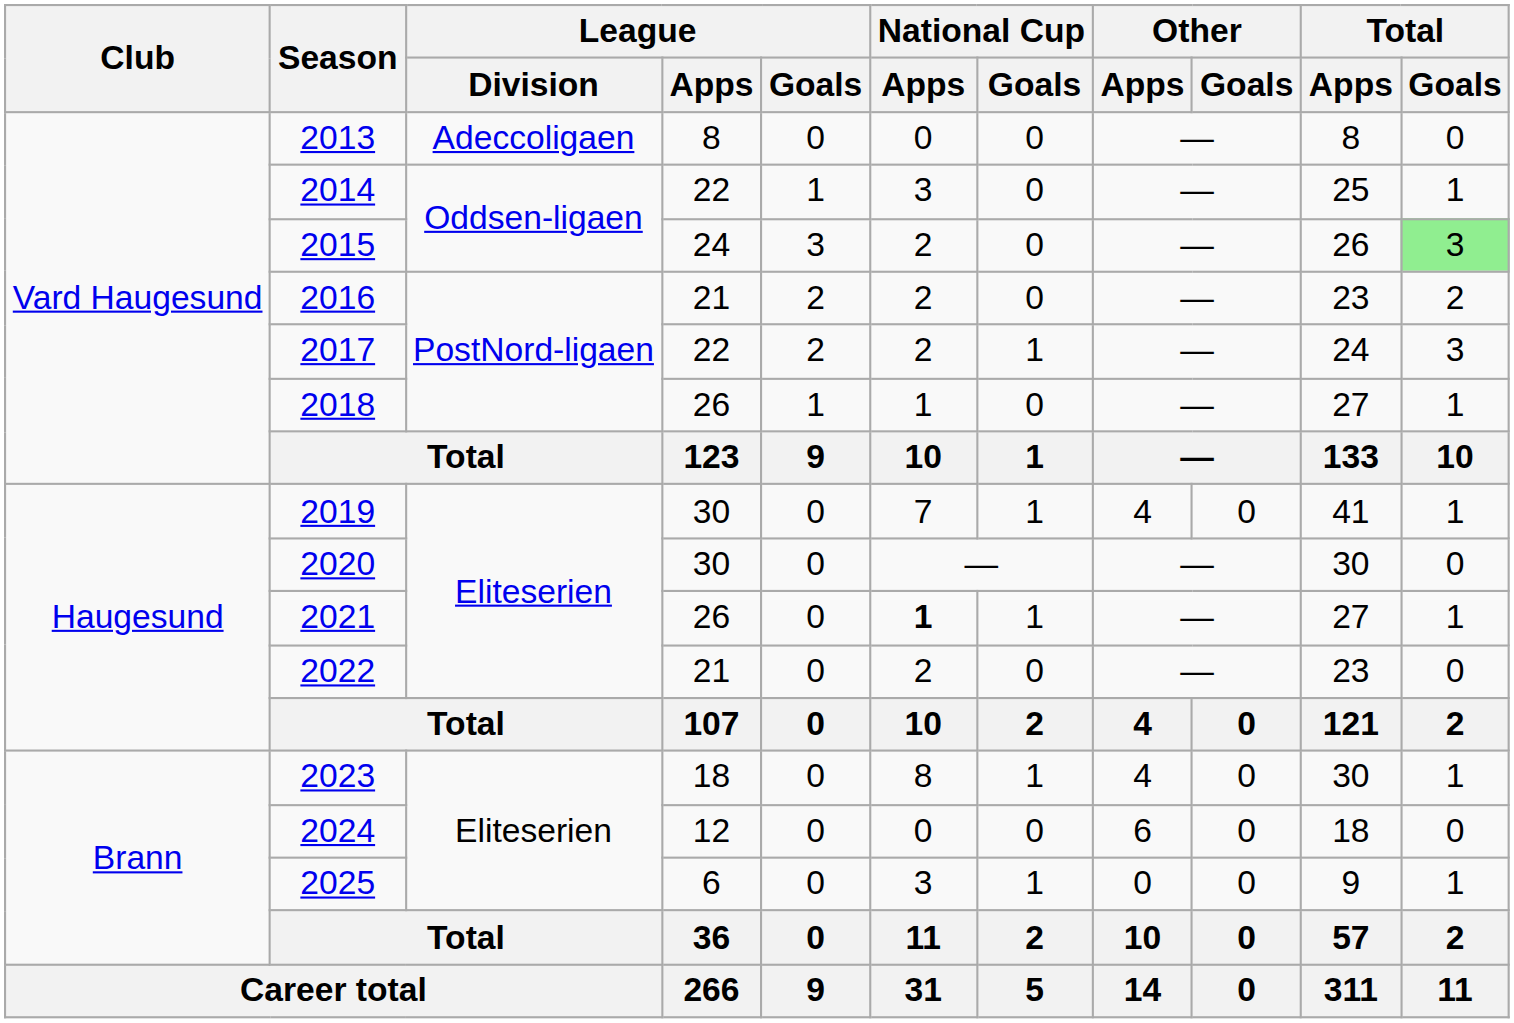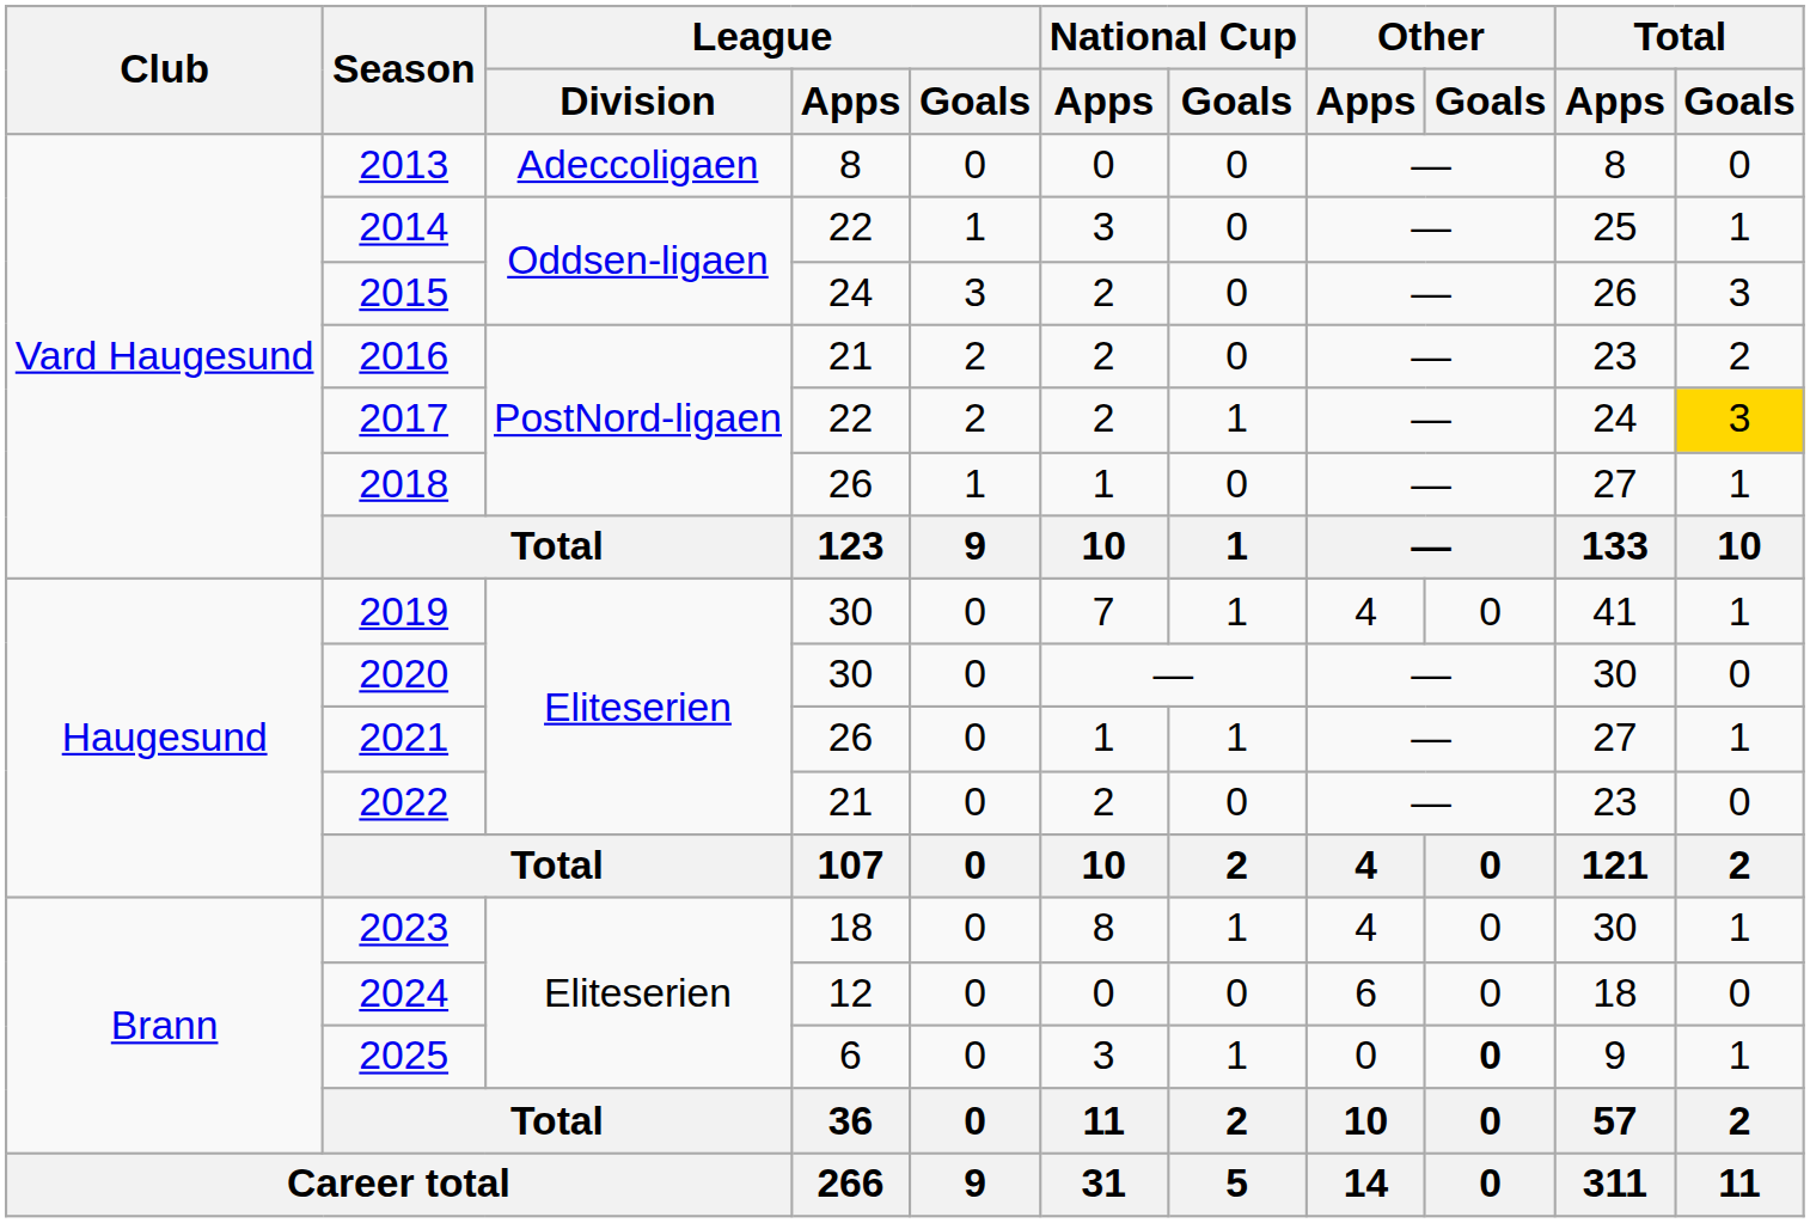 <table class="wikitable" style="text-align: center">
 <tr>
 <th rowspan="2">Club</th>
 <th rowspan="2">Season</th>
 <th colspan="3">League</th>
 <th colspan="2">National Cup</th>
 <th colspan="2">Other</th>
 <th colspan="2">Total</th>
 </tr>
 <tr>
 <th>Division</th>
 <th>Apps</th>
 <th>Goals</th>
 <th>Apps</th>
 <th>Goals</th>
 <th>Apps</th>
 <th>Goals</th>
 <th>Apps</th>
 <th>Goals</th>
 </tr>
 <tr>
 <td rowspan="7"><a href='#'>Vard Haugesund</a></td>
 <td><a href='#'>2013</a></td>
 <td><a href='#'>Adeccoligaen</a></td>
 <td>8</td>
 <td>0</td>
 <td>0</td>
 <td>0</td>
 <td colspan="2">—</td>
 <td>8</td>
 <td>0</td>
 </tr>
 <tr>
 <td><a href='#'>2014</a></td>
 <td rowspan="2"><a href='#'>Oddsen-ligaen</a></td>
 <td>22</td>
 <td>1</td>
 <td>3</td>
 <td>0</td>
 <td colspan="2">—</td>
 <td>25</td>
 <td>1</td>
 </tr>
 <tr>
 <td><a href='#'>2015</a></td>
 <td>24</td>
 <td>3</td>
 <td>2</td>
 <td>0</td>
 <td colspan="2">—</td>
 <td>26</td>
-<td style="background: lightgreen;">3</td>
+<td>3</td>
 </tr>
 <tr>
 <td><a href='#'>2016</a></td>
 <td rowspan="3"><a href='#'>PostNord-ligaen</a></td>
 <td>21</td>
 <td>2</td>
 <td>2</td>
 <td>0</td>
 <td colspan="2">—</td>
 <td>23</td>
 <td>2</td>
 </tr>
 <tr>
 <td><a href='#'>2017</a></td>
 <td>22</td>
 <td>2</td>
 <td>2</td>
 <td>1</td>
 <td colspan="2">—</td>
 <td>24</td>
-<td>3</td>
+<td style="background: gold;">3</td>
 </tr>
 <tr>
 <td><a href='#'>2018</a></td>
 <td>26</td>
 <td>1</td>
 <td>1</td>
 <td>0</td>
 <td colspan="2">—</td>
 <td>27</td>
 <td>1</td>
 </tr>
 <tr>
 <th colspan="2">Total</th>
 <th>123</th>
 <th>9</th>
 <th>10</th>
 <th>1</th>
 <th colspan="2">—</th>
 <th>133</th>
 <th>10</th>
 </tr>
 <tr>
 <td rowspan="5"><a href='#'>Haugesund</a></td>
 <td><a href='#'>2019</a></td>
 <td rowspan="4"><a href='#'>Eliteserien</a></td>
 <td>30</td>
 <td>0</td>
 <td>7</td>
 <td>1</td>
 <td>4</td>
 <td>0</td>
 <td>41</td>
 <td>1</td>
 </tr>
 <tr>
 <td><a href='#'>2020</a></td>
 <td>30</td>
 <td>0</td>
 <td colspan="2">—</td>
 <td colspan="2">—</td>
 <td>30</td>
 <td>0</td>
 </tr>
 <tr>
 <td><a href='#'>2021</a></td>
 <td>26</td>
 <td>0</td>
-<td><strong>1</strong></td>
+<td>1</td>
 <td>1</td>
 <td colspan="2">—</td>
 <td>27</td>
 <td>1</td>
 </tr>
 <tr>
 <td><a href='#'>2022</a></td>
 <td>21</td>
 <td>0</td>
 <td>2</td>
 <td>0</td>
 <td colspan="2">—</td>
 <td>23</td>
 <td>0</td>
 </tr>
 <tr>
 <th colspan="2">Total</th>
 <th>107</th>
 <th>0</th>
 <th>10</th>
 <th>2</th>
 <th>4</th>
 <th>0</th>
 <th>121</th>
 <th>2</th>
 </tr>
 <tr>
 <td rowspan="4"><a href='#'>Brann</a></td>
 <td><a href='#'>2023</a></td>
 <td rowspan="3">Eliteserien</td>
 <td>18</td>
 <td>0</td>
 <td>8</td>
 <td>1</td>
 <td>4</td>
 <td>0</td>
 <td>30</td>
 <td>1</td>
 </tr>
 <tr>
 <td><a href='#'>2024</a></td>
 <td>12</td>
 <td>0</td>
 <td>0</td>
 <td>0</td>
 <td>6</td>
 <td>0</td>
 <td>18</td>
 <td>0</td>
 </tr>
 <tr>
 <td><a href='#'>2025</a></td>
 <td>6</td>
 <td>0</td>
 <td>3</td>
 <td>1</td>
 <td>0</td>
-<td>0</td>
+<td><strong>0</strong></td>
 <td>9</td>
 <td>1</td>
 </tr>
 <tr>
 <th colspan="2">Total</th>
 <th>36</th>
 <th>0</th>
 <th>11</th>
 <th>2</th>
 <th>10</th>
 <th>0</th>
 <th>57</th>
 <th>2</th>
 </tr>
 <tr>
 <th colspan="3">Career total</th>
 <th>266</th>
 <th>9</th>
 <th>31</th>
 <th>5</th>
 <th>14</th>
 <th>0</th>
 <th>311</th>
 <th>11</th>
 </tr>
 </table>
